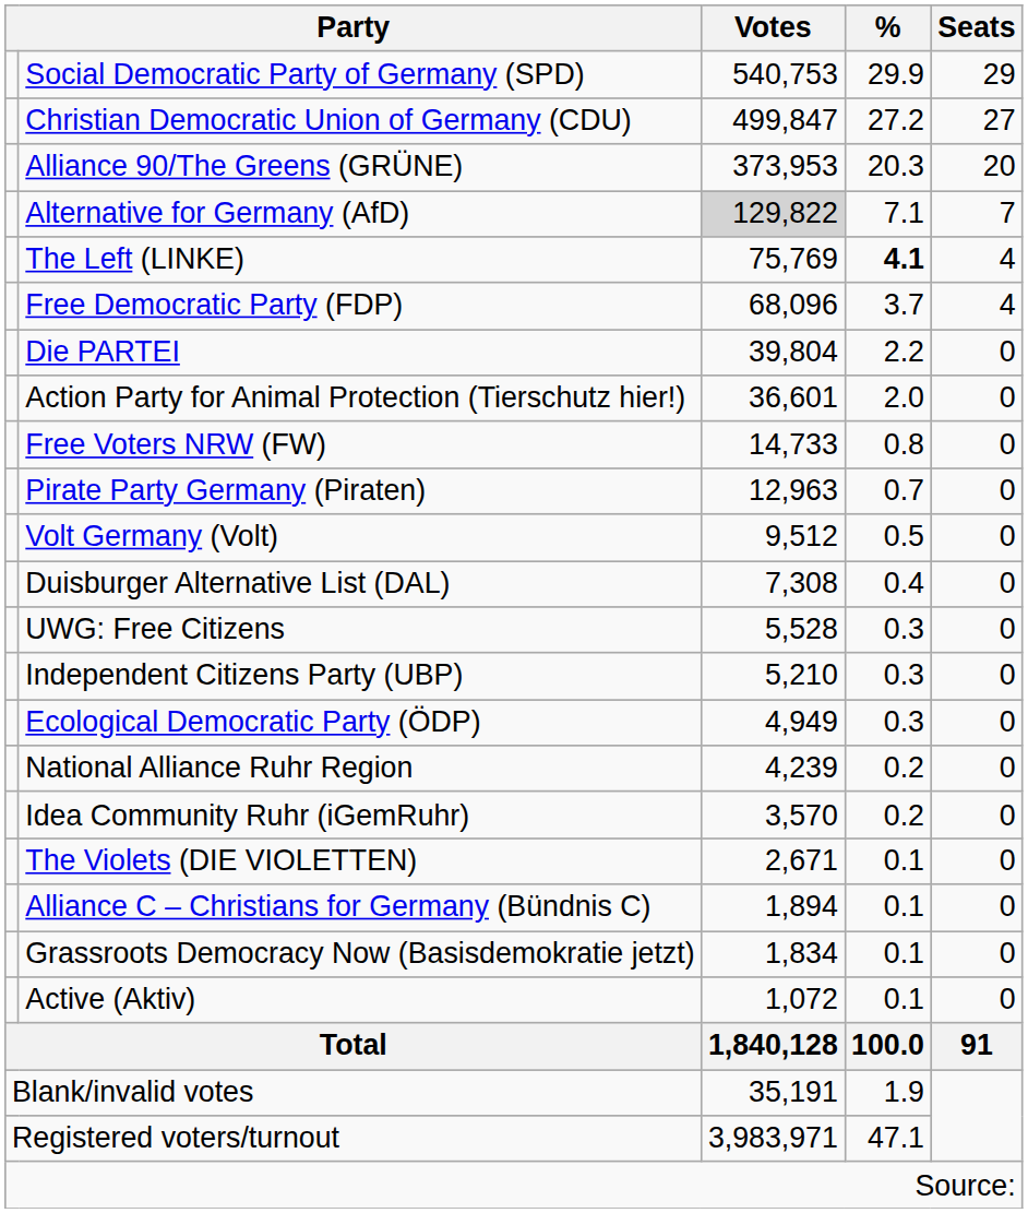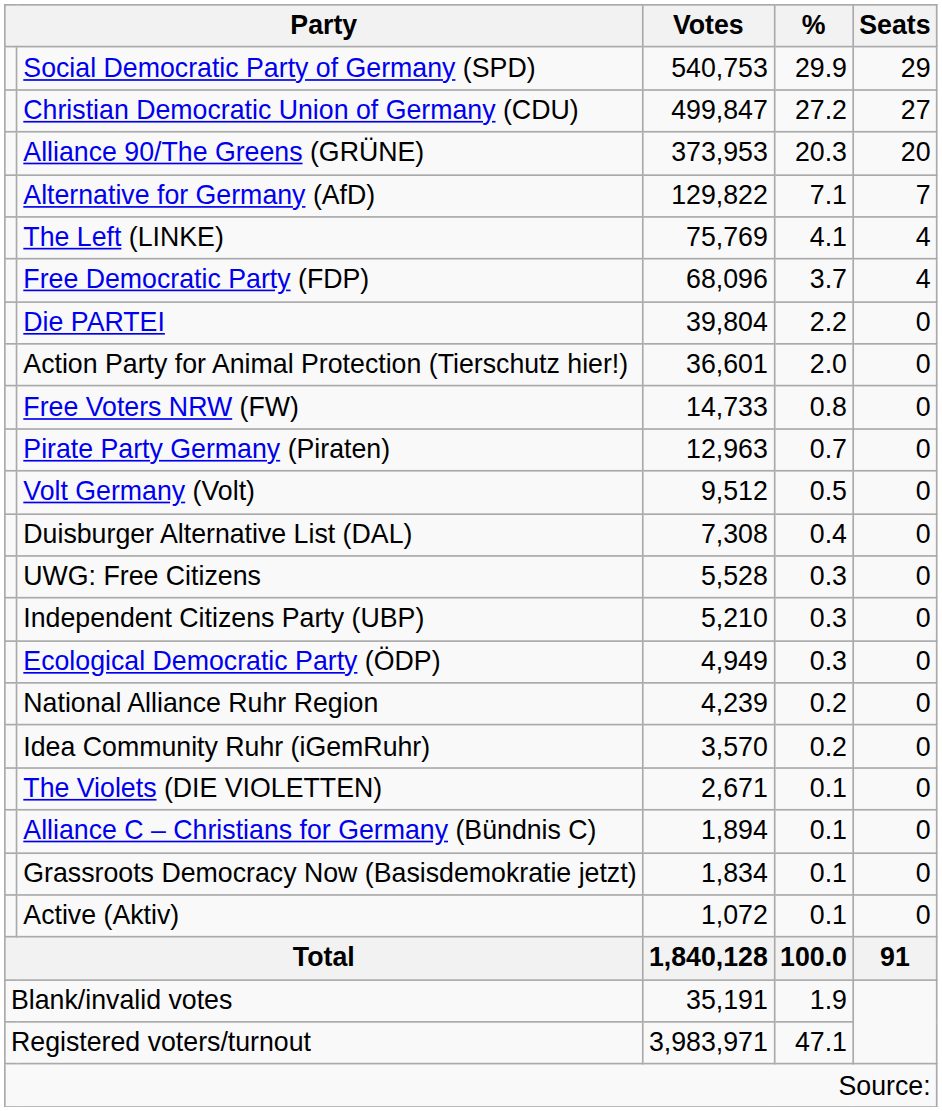 <table class="wikitable" style="text-align:right">
 <tr>
 <th colspan=2>Party</th>
 <th>Votes</th>
 <th>%</th>
 <th>Seats</th>
 </tr>
 <tr>
 <td bgcolor=></td>
 <td align=left><a href='#'>Social Democratic Party of Germany</a> (SPD)</td>
 <td>540,753</td>
 <td>29.9</td>
 <td>29</td>
 </tr>
 <tr>
 <td bgcolor=></td>
 <td align=left><a href='#'>Christian Democratic Union of Germany</a> (CDU)</td>
 <td>499,847</td>
 <td>27.2</td>
 <td>27</td>
 </tr>
 <tr>
 <td bgcolor=></td>
 <td align=left><a href='#'>Alliance 90/The Greens</a> (GRÜNE)</td>
 <td>373,953</td>
 <td>20.3</td>
 <td>20</td>
 </tr>
 <tr>
 <td bgcolor=></td>
 <td align=left><a href='#'>Alternative for Germany</a> (AfD)</td>
-<td style="background: lightgrey;">129,822</td>
+<td>129,822</td>
 <td>7.1</td>
 <td>7</td>
 </tr>
 <tr>
 <td bgcolor=></td>
 <td align=left><a href='#'>The Left</a> (LINKE)</td>
 <td>75,769</td>
-<td><strong>4.1</strong></td>
+<td>4.1</td>
 <td>4</td>
 </tr>
 <tr>
 <td bgcolor=></td>
 <td align=left><a href='#'>Free Democratic Party</a> (FDP)</td>
 <td>68,096</td>
 <td>3.7</td>
 <td>4</td>
 </tr>
 <tr>
 <td bgcolor=></td>
 <td align=left><a href='#'>Die PARTEI</a></td>
 <td>39,804</td>
 <td>2.2</td>
 <td>0</td>
 </tr>
 <tr>
 <td></td>
 <td align=left>Action Party for Animal Protection (Tierschutz hier!)</td>
 <td>36,601</td>
 <td>2.0</td>
 <td>0</td>
 </tr>
 <tr>
 <td bgcolor=></td>
 <td align=left><a href='#'>Free Voters NRW</a> (FW)</td>
 <td>14,733</td>
 <td>0.8</td>
 <td>0</td>
 </tr>
 <tr>
 <td bgcolor=></td>
 <td align=left><a href='#'>Pirate Party Germany</a> (Piraten)</td>
 <td>12,963</td>
 <td>0.7</td>
 <td>0</td>
 </tr>
 <tr>
 <td bgcolor=></td>
 <td align=left><a href='#'>Volt Germany</a> (Volt)</td>
 <td>9,512</td>
 <td>0.5</td>
 <td>0</td>
 </tr>
 <tr>
 <td></td>
 <td align=left>Duisburger Alternative List (DAL)</td>
 <td>7,308</td>
 <td>0.4</td>
 <td>0</td>
 </tr>
 <tr>
 <td></td>
 <td align=left>UWG: Free Citizens</td>
 <td>5,528</td>
 <td>0.3</td>
 <td>0</td>
 </tr>
 <tr>
 <td></td>
 <td align=left>Independent Citizens Party (UBP)</td>
 <td>5,210</td>
 <td>0.3</td>
 <td>0</td>
 </tr>
 <tr>
 <td bgcolor=></td>
 <td align=left><a href='#'>Ecological Democratic Party</a> (ÖDP)</td>
 <td>4,949</td>
 <td>0.3</td>
 <td>0</td>
 </tr>
 <tr>
 <td></td>
 <td align=left>National Alliance Ruhr Region</td>
 <td>4,239</td>
 <td>0.2</td>
 <td>0</td>
 </tr>
 <tr>
 <td></td>
 <td align=left>Idea Community Ruhr (iGemRuhr)</td>
 <td>3,570</td>
 <td>0.2</td>
 <td>0</td>
 </tr>
 <tr>
 <td bgcolor=></td>
 <td align=left><a href='#'>The Violets</a> (DIE VIOLETTEN)</td>
 <td>2,671</td>
 <td>0.1</td>
 <td>0</td>
 </tr>
 <tr>
 <td bgcolor=></td>
 <td align=left><a href='#'>Alliance C – Christians for Germany</a> (Bündnis C)</td>
 <td>1,894</td>
 <td>0.1</td>
 <td>0</td>
 </tr>
 <tr>
 <td></td>
 <td align=left>Grassroots Democracy Now (Basisdemokratie jetzt)</td>
 <td>1,834</td>
 <td>0.1</td>
 <td>0</td>
 </tr>
 <tr>
 <td></td>
 <td align=left>Active (Aktiv)</td>
 <td>1,072</td>
 <td>0.1</td>
 <td>0</td>
 </tr>
 <tr>
 <th colspan=2>Total</th>
 <th>1,840,128</th>
 <th>100.0</th>
 <th>91</th>
 </tr>
 <tr>
 <td align=left colspan=2>Blank/invalid votes</td>
 <td>35,191</td>
 <td>1.9</td>
 </tr>
 <tr>
 <td align=left colspan=2>Registered voters/turnout</td>
 <td>3,983,971</td>
 <td>47.1</td>
 </tr>
 <tr>
 <td colspan=7>Source: </td>
 </tr>
 </table>
